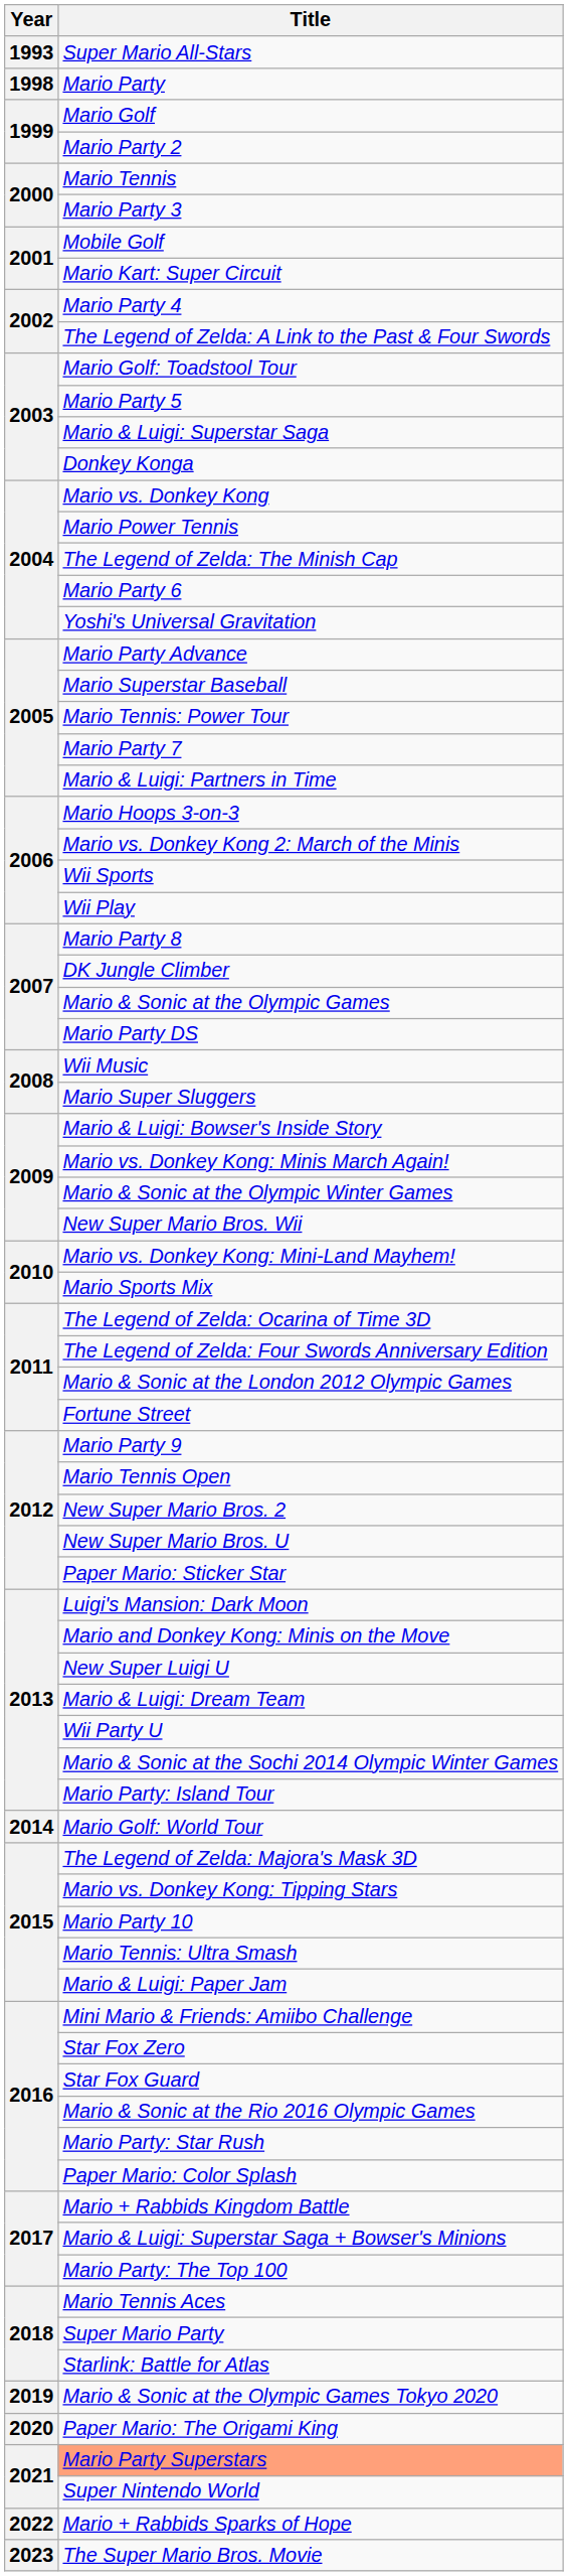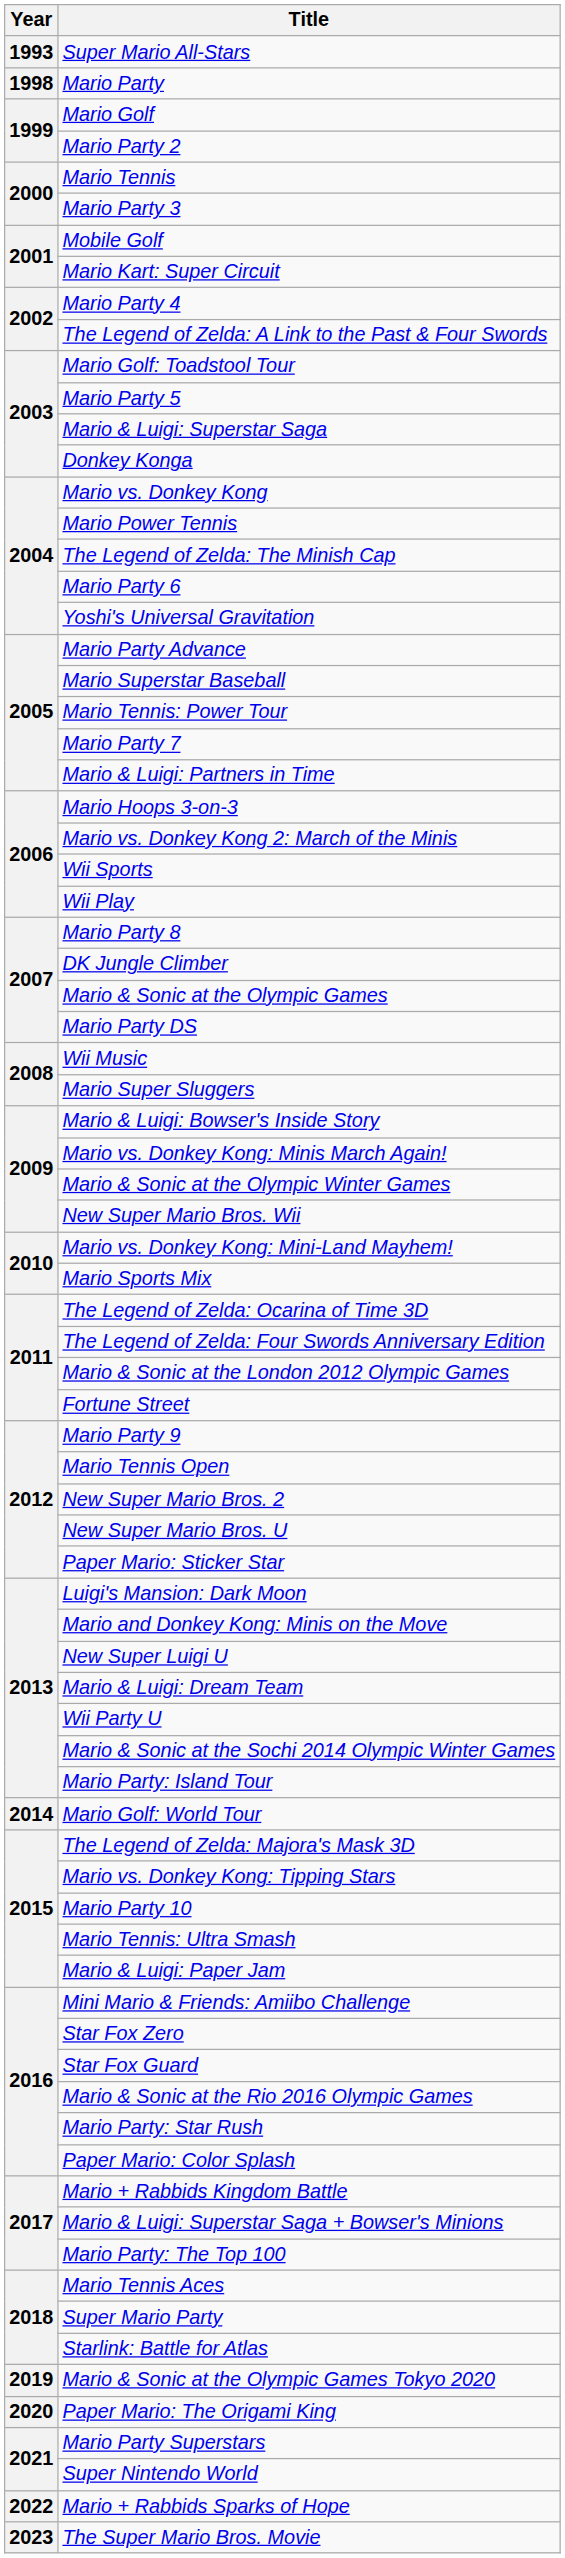 <table class="wikitable sortable"  width="auto">
 <tr>
 <th scope="col">Year</th>
 <th scope="col">Title</th>
 </tr>
 <tr>
 <th scope="row">1993</th>
 <td><em><a href='#'>Super Mario All-Stars</a></em></td>
 </tr>
 <tr>
 <th scope="row">1998</th>
 <td><em><a href='#'>Mario Party</a></em></td>
 </tr>
 <tr>
 <th scope="row" rowspan="2">1999</th>
 <td><em><a href='#'>Mario Golf</a></em></td>
 </tr>
 <tr>
 <td><em><a href='#'>Mario Party 2</a></em></td>
 </tr>
 <tr>
 <th scope="row"  rowspan="2">2000</th>
 <td><em><a href='#'>Mario Tennis</a></em></td>
 </tr>
 <tr>
 <td><em><a href='#'>Mario Party 3</a></em></td>
 </tr>
 <tr>
 <th scope="row" rowspan="2">2001</th>
 <td><em><a href='#'>Mobile Golf</a></em></td>
 </tr>
 <tr>
 <td><em><a href='#'>Mario Kart: Super Circuit</a></em></td>
 </tr>
 <tr>
 <th scope="row" rowspan="2">2002</th>
 <td><em><a href='#'>Mario Party 4</a></em></td>
 </tr>
 <tr>
 <td><em><a href='#'>The Legend of Zelda: A Link to the Past & Four Swords</a></em></td>
 </tr>
 <tr>
 <th scope="row" rowspan="4">2003</th>
 <td><em><a href='#'>Mario Golf: Toadstool Tour</a></em></td>
 </tr>
 <tr>
 <td><em><a href='#'>Mario Party 5</a></em></td>
 </tr>
 <tr>
 <td><em><a href='#'>Mario & Luigi: Superstar Saga</a></em></td>
 </tr>
 <tr>
 <td><em><a href='#'>Donkey Konga</a></em></td>
 </tr>
 <tr>
 <th scope="row" rowspan="5">2004</th>
 <td><em><a href='#'>Mario vs. Donkey Kong</a></em></td>
 </tr>
 <tr>
 <td><em><a href='#'>Mario Power Tennis</a></em></td>
 </tr>
 <tr>
 <td><em><a href='#'>The Legend of Zelda: The Minish Cap</a></em></td>
 </tr>
 <tr>
 <td><em><a href='#'>Mario Party 6</a></em></td>
 </tr>
 <tr>
 <td><em><a href='#'>Yoshi's Universal Gravitation</a></em></td>
 </tr>
 <tr>
 <th scope="row" rowspan="5">2005</th>
 <td><em><a href='#'>Mario Party Advance</a></em></td>
 </tr>
 <tr>
 <td><em><a href='#'>Mario Superstar Baseball</a></em></td>
 </tr>
 <tr>
 <td><em><a href='#'>Mario Tennis: Power Tour</a></em></td>
 </tr>
 <tr>
 <td><em><a href='#'>Mario Party 7</a></em></td>
 </tr>
 <tr>
 <td><em><a href='#'>Mario & Luigi: Partners in Time</a></em></td>
 </tr>
 <tr>
 <th scope="row" rowspan="4">2006</th>
 <td><em><a href='#'>Mario Hoops 3-on-3</a></em></td>
 </tr>
 <tr>
 <td><em><a href='#'>Mario vs. Donkey Kong 2: March of the Minis</a></em></td>
 </tr>
 <tr>
 <td><em><a href='#'>Wii Sports</a></em></td>
 </tr>
 <tr>
 <td><em><a href='#'>Wii Play</a></em></td>
 </tr>
 <tr>
 <th scope="row" rowspan="4">2007</th>
 <td><em><a href='#'>Mario Party 8</a></em></td>
 </tr>
 <tr>
 <td><em><a href='#'>DK Jungle Climber</a></em></td>
 </tr>
 <tr>
 <td><em><a href='#'>Mario & Sonic at the Olympic Games</a></em></td>
 </tr>
 <tr>
 <td><em><a href='#'>Mario Party DS</a></em></td>
 </tr>
 <tr>
 <th scope="row" rowspan="2">2008</th>
 <td><em><a href='#'>Wii Music</a></em></td>
 </tr>
 <tr>
 <td><em><a href='#'>Mario Super Sluggers</a></em></td>
 </tr>
 <tr>
 <th scope="row" rowspan="4">2009</th>
 <td><em><a href='#'>Mario & Luigi: Bowser's Inside Story</a></em></td>
 </tr>
 <tr>
 <td><em><a href='#'>Mario vs. Donkey Kong: Minis March Again!</a></em></td>
 </tr>
 <tr>
 <td><em><a href='#'>Mario & Sonic at the Olympic Winter Games</a></em></td>
 </tr>
 <tr>
 <td><em><a href='#'>New Super Mario Bros. Wii</a></em></td>
 </tr>
 <tr>
 <th scope="row" rowspan="2">2010</th>
 <td><em><a href='#'>Mario vs. Donkey Kong: Mini-Land Mayhem!</a></em></td>
 </tr>
 <tr>
 <td><em><a href='#'>Mario Sports Mix</a></em></td>
 </tr>
 <tr>
 <th scope="row" rowspan="4">2011</th>
 <td><em><a href='#'>The Legend of Zelda: Ocarina of Time 3D</a></em></td>
 </tr>
 <tr>
 <td><em><a href='#'>The Legend of Zelda: Four Swords Anniversary Edition</a></em></td>
 </tr>
 <tr>
 <td><em><a href='#'>Mario & Sonic at the London 2012 Olympic Games</a></em></td>
 </tr>
 <tr>
 <td><em><a href='#'>Fortune Street</a></em></td>
 </tr>
 <tr>
 <th scope="row" rowspan="5">2012</th>
 <td><em><a href='#'>Mario Party 9</a></em></td>
 </tr>
 <tr>
 <td><em><a href='#'>Mario Tennis Open</a></em></td>
 </tr>
 <tr>
 <td><em><a href='#'>New Super Mario Bros. 2</a></em></td>
 </tr>
 <tr>
 <td><em><a href='#'>New Super Mario Bros. U</a></em></td>
 </tr>
 <tr>
 <td><em><a href='#'>Paper Mario: Sticker Star</a></em></td>
 </tr>
 <tr>
 <th scope="row" rowspan="7">2013</th>
 <td><em><a href='#'>Luigi's Mansion: Dark Moon</a></em></td>
 </tr>
 <tr>
 <td><em><a href='#'>Mario and Donkey Kong: Minis on the Move</a></em></td>
 </tr>
 <tr>
 <td><em><a href='#'>New Super Luigi U</a></em></td>
 </tr>
 <tr>
 <td><em><a href='#'>Mario & Luigi: Dream Team</a></em></td>
 </tr>
 <tr>
 <td><em><a href='#'>Wii Party U</a></em></td>
 </tr>
 <tr>
 <td><em><a href='#'>Mario & Sonic at the Sochi 2014 Olympic Winter Games</a></em></td>
 </tr>
 <tr>
 <td><em><a href='#'>Mario Party: Island Tour</a></em></td>
 </tr>
 <tr>
 <th scope="row">2014</th>
 <td><em><a href='#'>Mario Golf: World Tour</a></em></td>
 </tr>
 <tr>
 <th scope="row" rowspan="5">2015</th>
 <td><em><a href='#'>The Legend of Zelda: Majora's Mask 3D</a></em></td>
 </tr>
 <tr>
 <td><em><a href='#'>Mario vs. Donkey Kong: Tipping Stars</a></em></td>
 </tr>
 <tr>
 <td><em><a href='#'>Mario Party 10</a></em></td>
 </tr>
 <tr>
 <td><em><a href='#'>Mario Tennis: Ultra Smash</a></em></td>
 </tr>
 <tr>
 <td><em><a href='#'>Mario & Luigi: Paper Jam</a></em></td>
 </tr>
 <tr>
 <th scope="row" rowspan="6">2016</th>
 <td><em><a href='#'>Mini Mario & Friends: Amiibo Challenge</a></em></td>
 </tr>
 <tr>
 <td><em><a href='#'>Star Fox Zero</a></em></td>
 </tr>
 <tr>
 <td><em><a href='#'>Star Fox Guard</a></em></td>
 </tr>
 <tr>
 <td><em><a href='#'>Mario & Sonic at the Rio 2016 Olympic Games</a></em></td>
 </tr>
 <tr>
 <td><em><a href='#'>Mario Party: Star Rush</a></em></td>
 </tr>
 <tr>
 <td><em><a href='#'>Paper Mario: Color Splash</a></em></td>
 </tr>
 <tr>
 <th scope="row" rowspan="3">2017</th>
 <td><em><a href='#'>Mario + Rabbids Kingdom Battle</a></em></td>
 </tr>
 <tr>
 <td><em><a href='#'>Mario & Luigi: Superstar Saga + Bowser's Minions</a></em></td>
 </tr>
 <tr>
 <td><em><a href='#'>Mario Party: The Top 100</a></em></td>
 </tr>
 <tr>
 <th scope="row" rowspan="3">2018</th>
 <td><em><a href='#'>Mario Tennis Aces</a></em></td>
 </tr>
 <tr>
 <td><em><a href='#'>Super Mario Party</a></em></td>
 </tr>
 <tr>
 <td><em><a href='#'>Starlink: Battle for Atlas</a></em></td>
 </tr>
 <tr>
 <th scope="row">2019</th>
 <td><em><a href='#'>Mario & Sonic at the Olympic Games Tokyo 2020</a></em></td>
 </tr>
 <tr>
 <th scope="row">2020</th>
 <td><em><a href='#'>Paper Mario: The Origami King</a></em></td>
 </tr>
 <tr>
 <th scope="row" rowspan="2">2021</th>
-<td style="background: lightsalmon;"><em><a href='#'>Mario Party Superstars</a></em></td>
+<td><em><a href='#'>Mario Party Superstars</a></em></td>
 </tr>
 <tr>
 <td><em><a href='#'>Super Nintendo World</a></em></td>
 </tr>
 <tr>
 <th scope="row">2022</th>
 <td><em><a href='#'>Mario + Rabbids Sparks of Hope</a></em></td>
 </tr>
 <tr>
 <th scope="row">2023</th>
 <td><em><a href='#'>The Super Mario Bros. Movie</a></em></td>
 </tr>
 </table>
